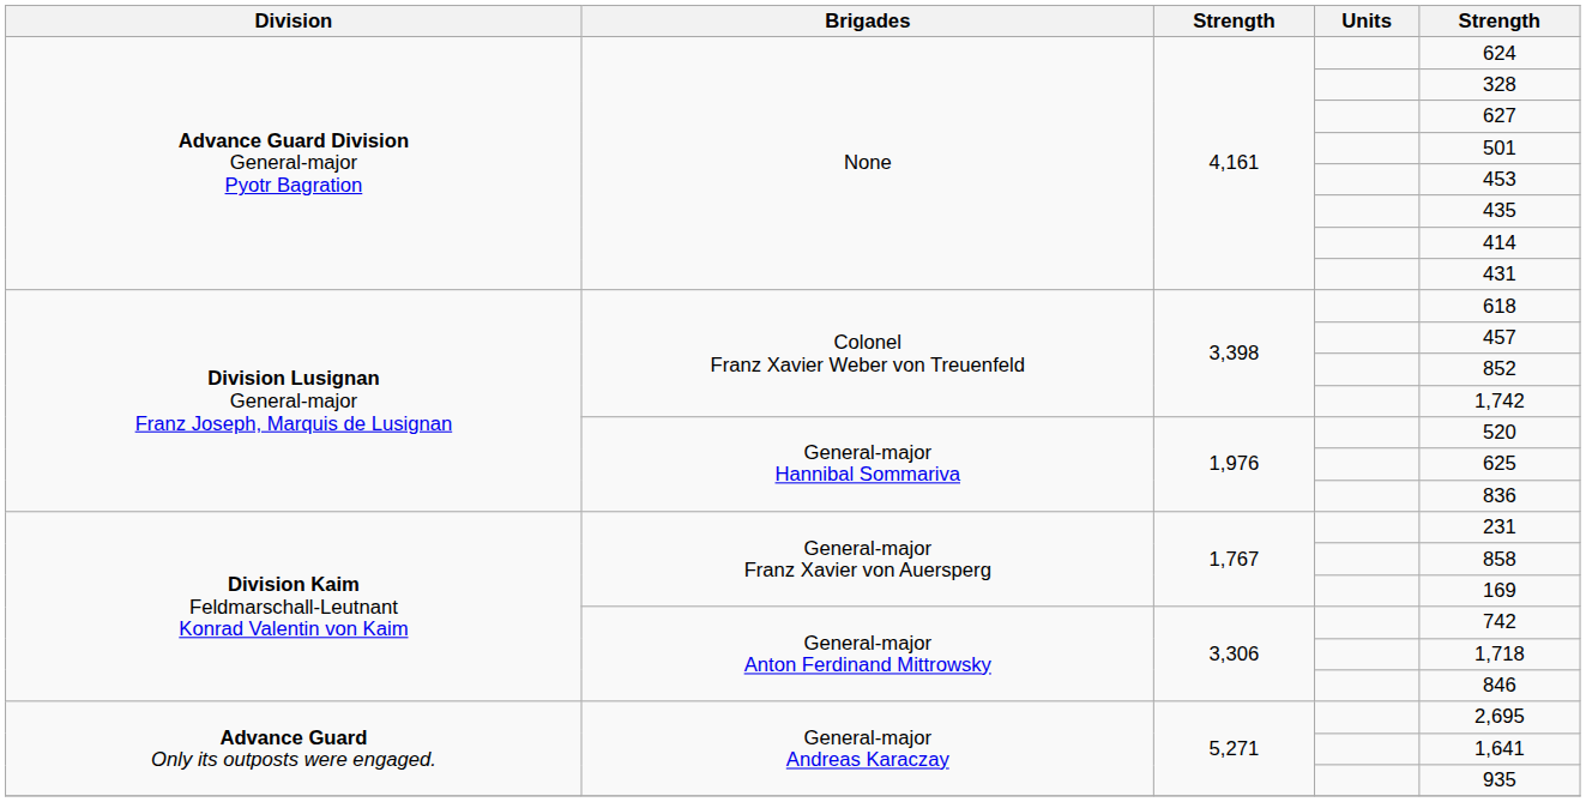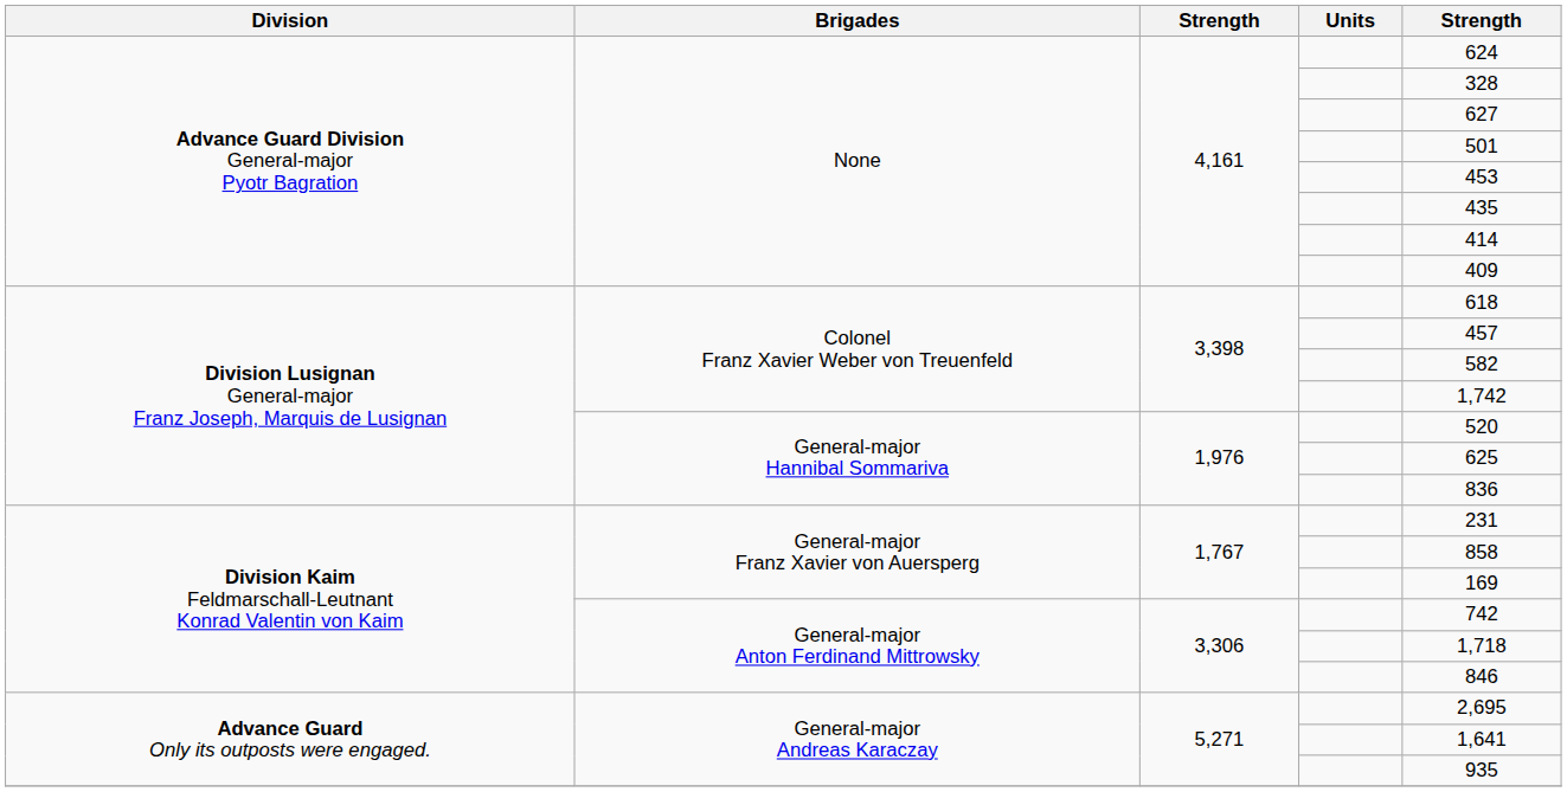 <table class="wikitable" style="text-align:center; width:100%;">
 <tr>
 <th>Division</th>
 <th>Brigades</th>
 <th>Strength</th>
 <th>Units</th>
 <th>Strength</th>
 </tr>
 <tr>
 <td ROWSPAN=8><strong>Advance Guard Division</strong><br>General-major<br><a href='#'>Pyotr Bagration</a></td>
 <td ROWSPAN=8>None</td>
 <td ROWSPAN=8>4,161</td>
 <td> </td>
 <td>624</td>
 </tr>
 <tr>
 <td> </td>
 <td>328</td>
 </tr>
 <tr>
 <td> </td>
 <td>627</td>
 </tr>
 <tr>
 <td> </td>
 <td>501</td>
 </tr>
 <tr>
 <td> </td>
 <td>453</td>
 </tr>
 <tr>
 <td> </td>
 <td>435</td>
 </tr>
 <tr>
 <td> </td>
 <td>414</td>
 </tr>
 <tr>
 <td> </td>
-<td>431</td>
+<td>409</td>
 </tr>
 <tr>
 <td ROWSPAN=7><strong>Division Lusignan</strong><br>General-major<br><a href='#'>Franz Joseph, Marquis de Lusignan</a></td>
 <td ROWSPAN=4>Colonel<br>Franz Xavier Weber von Treuenfeld</td>
 <td ROWSPAN=4>3,398</td>
 <td> </td>
 <td>618</td>
 </tr>
 <tr>
 <td> </td>
 <td>457</td>
 </tr>
 <tr>
 <td> </td>
-<td>852</td>
+<td>582</td>
 </tr>
 <tr>
 <td> </td>
 <td>1,742</td>
 </tr>
 <tr>
 <td ROWSPAN=3>General-major<br><a href='#'>Hannibal Sommariva</a></td>
 <td ROWSPAN=3>1,976</td>
 <td> </td>
 <td>520</td>
 </tr>
 <tr>
 <td> </td>
 <td>625</td>
 </tr>
 <tr>
 <td> </td>
 <td>836</td>
 </tr>
 <tr>
 <td ROWSPAN=6><strong>Division Kaim</strong><br>Feldmarschall-Leutnant<br><a href='#'>Konrad Valentin von Kaim</a></td>
 <td ROWSPAN=3>General-major<br>Franz Xavier von Auersperg</td>
 <td ROWSPAN=3>1,767</td>
 <td> </td>
 <td>231</td>
 </tr>
 <tr>
 <td> </td>
 <td>858</td>
 </tr>
 <tr>
 <td> </td>
 <td>169</td>
 </tr>
 <tr>
 <td ROWSPAN=3>General-major<br><a href='#'>Anton Ferdinand Mittrowsky</a></td>
 <td ROWSPAN=3>3,306</td>
 <td> </td>
 <td>742</td>
 </tr>
 <tr>
 <td> </td>
 <td>1,718</td>
 </tr>
 <tr>
 <td> </td>
 <td>846</td>
 </tr>
 <tr>
 <td ROWSPAN=3><strong>Advance Guard</strong><br><em>Only its outposts were engaged.</em></td>
 <td ROWSPAN=3>General-major<br><a href='#'>Andreas Karaczay</a></td>
 <td ROWSPAN=3>5,271</td>
 <td> </td>
 <td>2,695</td>
 </tr>
 <tr>
 <td> </td>
 <td>1,641</td>
 </tr>
 <tr>
 <td> </td>
 <td>935</td>
 </tr>
 <tr>
 </tr>
 </table>
